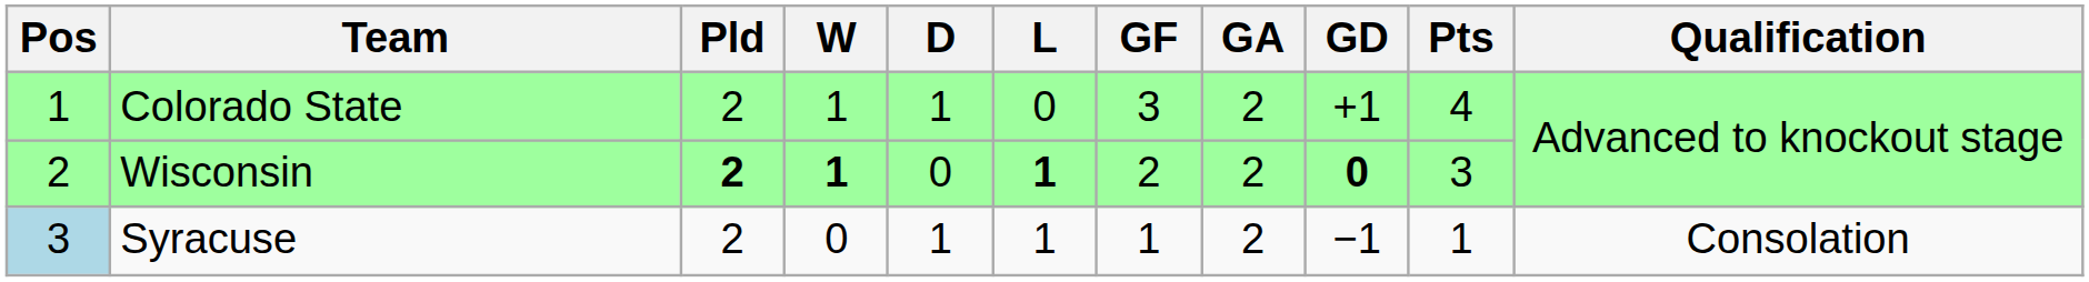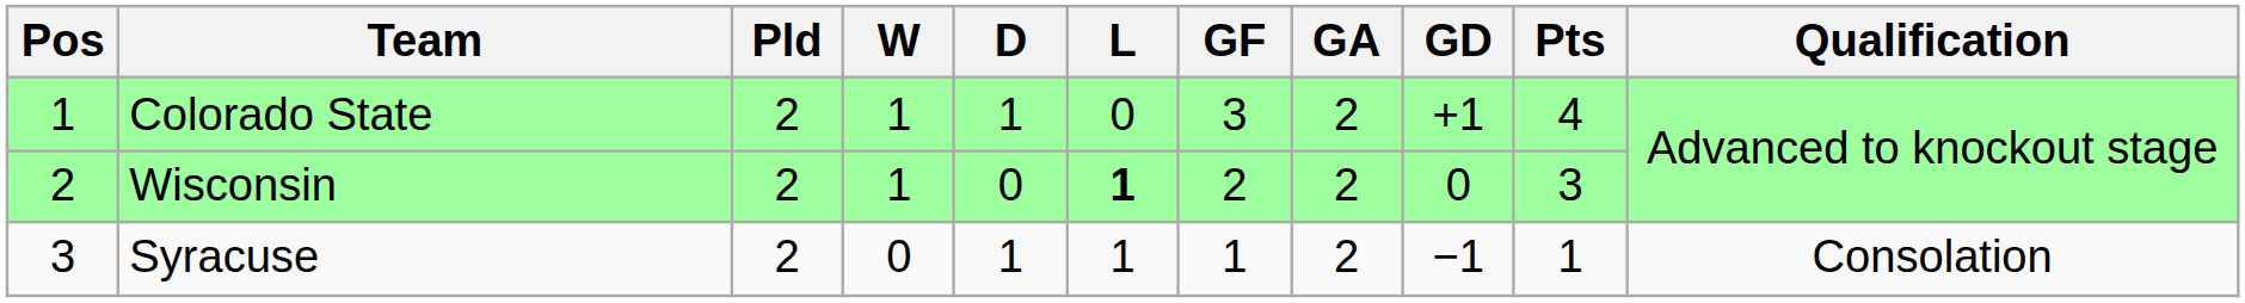 <table class="wikitable" style="text-align:center; margin: 1em auto">
 <tr>
 <th style="width:2em">Pos</th>
 <th style="width:13em">Team</th>
 <th style="width:2em">Pld</th>
 <th style="width:2em">W</th>
 <th style="width:2em">D</th>
 <th style="width:2em">L</th>
 <th style="width:2em">GF</th>
 <th style="width:2em">GA</th>
 <th style="width:2em">GD</th>
 <th style="width:2em">Pts</th>
 <th style="width:13em">Qualification</th>
 </tr>
 <tr bgcolor="#9eff9e">
 <td>1</td>
 <td style="text-align:left">Colorado State</td>
 <td>2</td>
 <td>1</td>
 <td>1</td>
 <td>0</td>
 <td>3</td>
 <td>2</td>
 <td>+1</td>
 <td>4</td>
 <td rowspan="2">Advanced to knockout stage</td>
 </tr>
 <tr bgcolor="#9eff9e">
 <td>2</td>
 <td style="text-align:left">Wisconsin</td>
-<td><strong>2</strong></td>
-<td><strong>1</strong></td>
+<td>2</td>
+<td>1</td>
 <td>0</td>
 <td><strong>1</strong></td>
 <td>2</td>
 <td>2</td>
-<td><strong>0</strong></td>
+<td>0</td>
 <td>3</td>
 </tr>
 <tr>
-<td style="background: lightblue;">3</td>
+<td>3</td>
 <td style="text-align:left">Syracuse</td>
 <td>2</td>
 <td>0</td>
 <td>1</td>
 <td>1</td>
 <td>1</td>
 <td>2</td>
 <td>−1</td>
 <td>1</td>
 <td>Consolation</td>
 </tr>
 </table>
